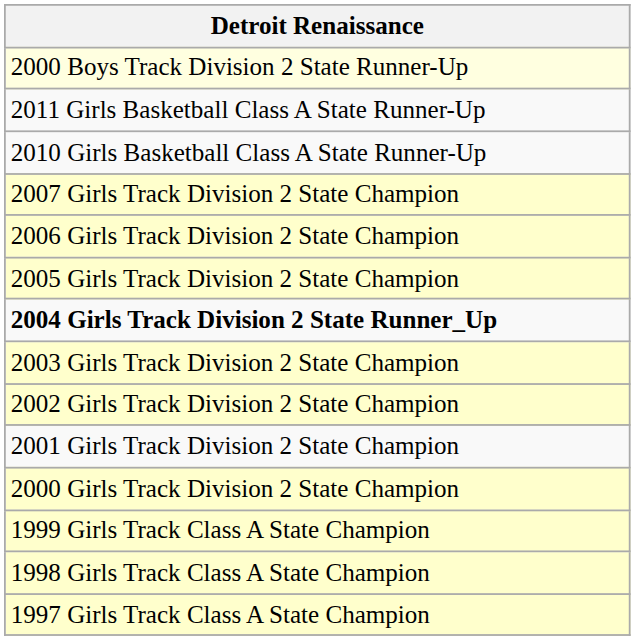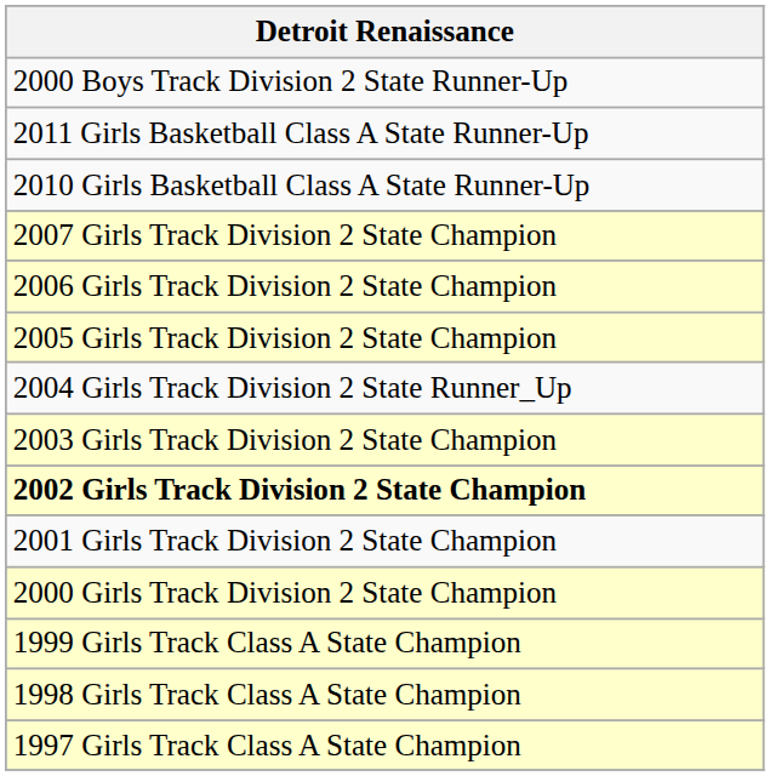 <table class="wikitable collapsible collapsed" style="min-width:25em; font-size:88%;">
 <tr>
 <th colspan="2">Detroit Renaissance</th>
 </tr>
 <tr>
-<td style="background: lightyellow;">2000 Boys Track Division 2 State Runner-Up</td>
+<td>2000 Boys Track Division 2 State Runner-Up</td>
 </tr>
 <tr>
 <td>2011 Girls Basketball Class A State Runner-Up</td>
 </tr>
 <tr>
 <td>2010 Girls Basketball Class A State Runner-Up</td>
 </tr>
 <tr style="background:#ffc;">
 <td>2007 Girls Track Division 2 State Champion</td>
 </tr>
 <tr style="background:#ffc;">
 <td>2006 Girls Track Division 2 State Champion</td>
 </tr>
 <tr style="background:#ffc;">
 <td>2005 Girls Track Division 2 State Champion</td>
 </tr>
 <tr>
-<td><strong>2004 Girls Track Division 2 State Runner_Up</strong></td>
+<td>2004 Girls Track Division 2 State Runner_Up</td>
 </tr>
 <tr style="background:#ffc;">
 <td>2003 Girls Track Division 2 State Champion</td>
 </tr>
 <tr style="background:#ffc;">
-<td>2002 Girls Track Division 2 State Champion</td>
+<td><strong>2002 Girls Track Division 2 State Champion</strong></td>
 </tr>
 <tr style="background:#ff;">
 <td>2001 Girls Track Division 2 State Champion</td>
 </tr>
 <tr style="background:#ffc;">
 <td>2000 Girls Track Division 2 State Champion</td>
 </tr>
 <tr style="background:#ffc;">
 <td>1999 Girls Track Class A State Champion</td>
 </tr>
 <tr style="background:#ffc;">
 <td>1998 Girls Track Class A State Champion</td>
 </tr>
 <tr style="background:#ffc;">
 <td>1997 Girls Track Class A State Champion</td>
 </tr>
 </table>
